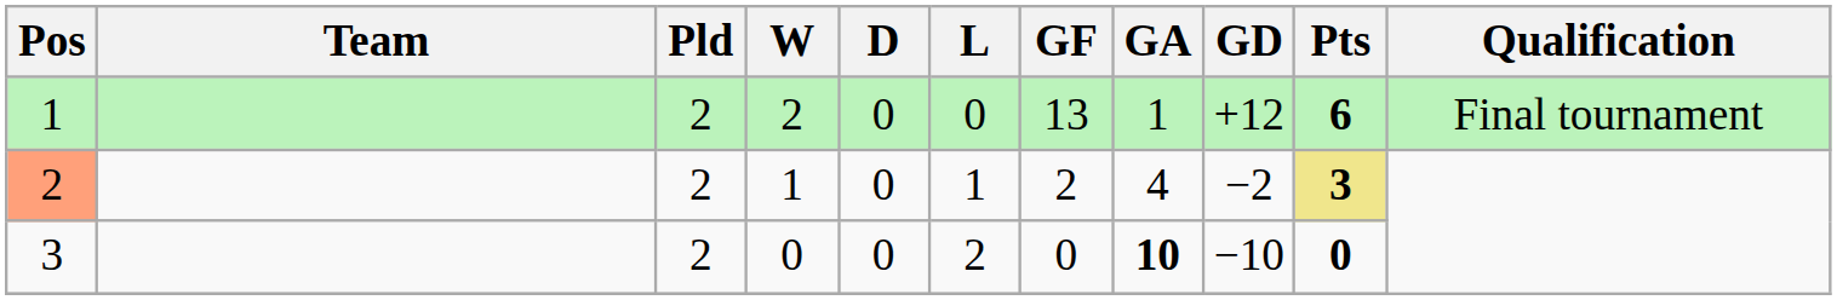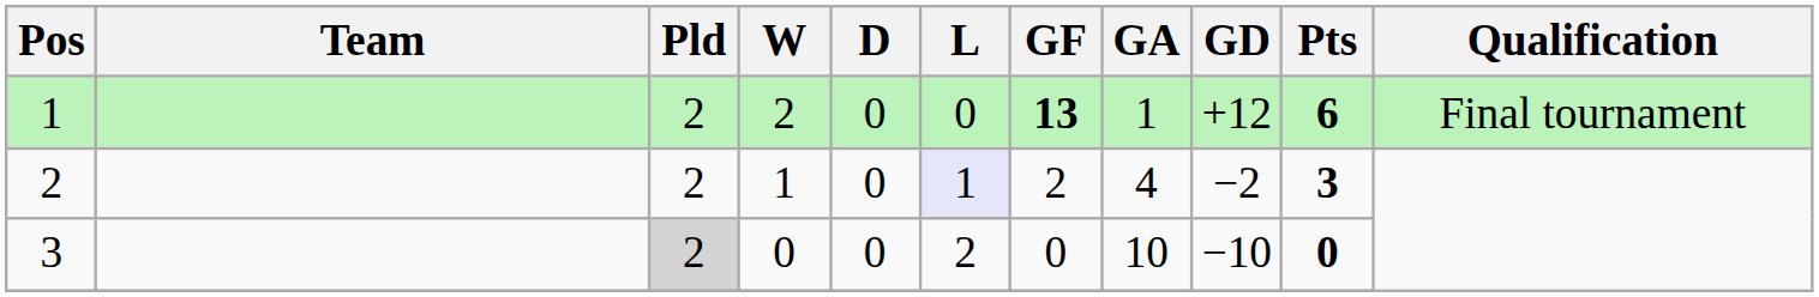 <table class="wikitable" border="1" style="text-align: center;">
 <tr>
 <th width="25"><abbr>Pos</abbr></th>
 <th width="190">Team</th>
 <th width="25"><abbr>Pld</abbr></th>
 <th width="25"><abbr>W</abbr></th>
 <th width="25"><abbr>D</abbr></th>
 <th width="25"><abbr>L</abbr></th>
 <th width="25"><abbr>GF</abbr></th>
 <th width="25"><abbr>GA</abbr></th>
 <th width="25"><abbr>GD</abbr></th>
 <th width="25"><abbr>Pts</abbr></th>
 <th width="150">Qualification</th>
 </tr>
 <tr bgcolor = #BBF3BB>
 <td>1</td>
 <td align="left"></td>
 <td>2</td>
 <td>2</td>
 <td>0</td>
 <td>0</td>
-<td>13</td>
+<td><strong>13</strong></td>
 <td>1</td>
 <td>+12</td>
 <td><strong>6</strong></td>
 <td>Final tournament</td>
 </tr>
 <tr>
-<td style="background: lightsalmon;">2</td>
+<td>2</td>
 <td align="left"></td>
 <td>2</td>
 <td>1</td>
 <td>0</td>
-<td>1</td>
+<td style="background: lavender;">1</td>
 <td>2</td>
 <td>4</td>
 <td>−2</td>
-<td style="background: khaki;"><strong>3</strong></td>
+<td><strong>3</strong></td>
 </tr>
 <tr>
 <td>3</td>
 <td align="left"></td>
-<td>2</td>
+<td style="background: lightgrey;">2</td>
 <td>0</td>
 <td>0</td>
 <td>2</td>
 <td>0</td>
-<td><strong>10</strong></td>
+<td>10</td>
 <td>−10</td>
 <td><strong>0</strong></td>
 </tr>
 <tr>
 </tr>
 </table>
